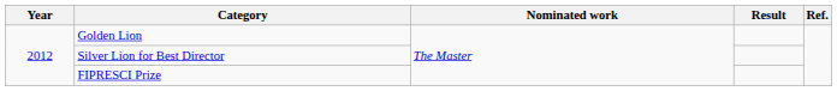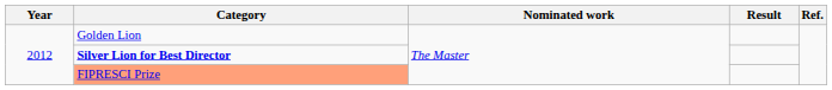 <table class=wikitable>
 <tr>
 <th scope="col" style="width:5em;">Year</th>
 <th scope="col" style="width:26em;">Category</th>
 <th scope="col" style="width:25em;">Nominated work</th>
 <th scope="col" style="width:5em;">Result</th>
 <th>Ref.</th>
 </tr>
 <tr>
 <td style="text-align:center;" rowspan="3"><a href='#'>2012</a></td>
 <td><a href='#'>Golden Lion</a></td>
 <td rowspan="3"><em><a href='#'>The Master</a></em></td>
 <td></td>
 <td rowspan="3"></td>
 </tr>
 <tr>
-<td><a href='#'>Silver Lion for Best Director</a></td>
+<td><strong><a href='#'>Silver Lion for Best Director</a></strong></td>
 <td></td>
 </tr>
 <tr>
-<td><a href='#'>FIPRESCI Prize</a></td>
+<td style="background: lightsalmon;"><a href='#'>FIPRESCI Prize</a></td>
 <td></td>
 </tr>
 </table>
